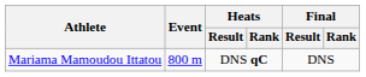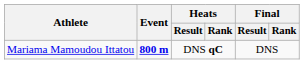 <table class="wikitable" style="font-size:90%">
 <tr>
 <th rowspan=2>Athlete</th>
 <th rowspan=2>Event</th>
 <th colspan=2>Heats</th>
 <th colspan=2>Final</th>
 </tr>
 <tr style="font-size:95%">
 <th>Result</th>
 <th>Rank</th>
 <th>Result</th>
 <th>Rank</th>
 </tr>
 <tr align=center>
 <td align=left><a href='#'>Mariama Mamoudou Ittatou</a></td>
-<td align=left><a href='#'>800 m</a></td>
+<td align=left><strong><a href='#'>800 m</a></strong></td>
 <td colspan=2>DNS <strong>qC</strong></td>
 <td colspan=2>DNS</td>
 </tr>
 </table>
